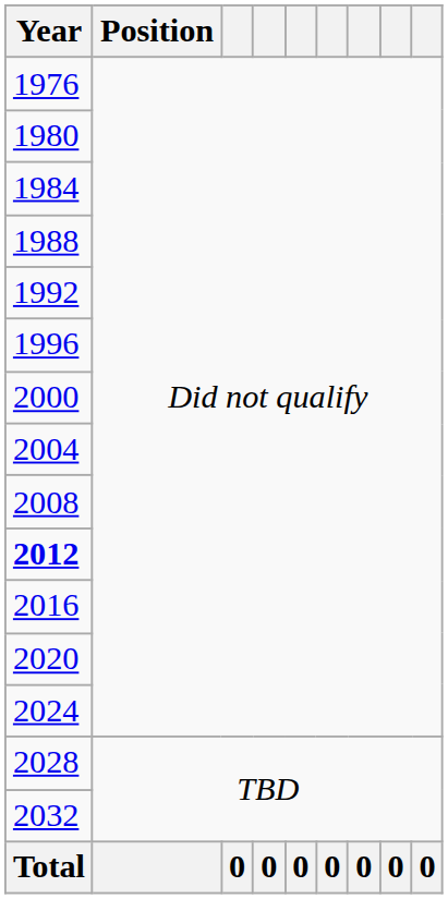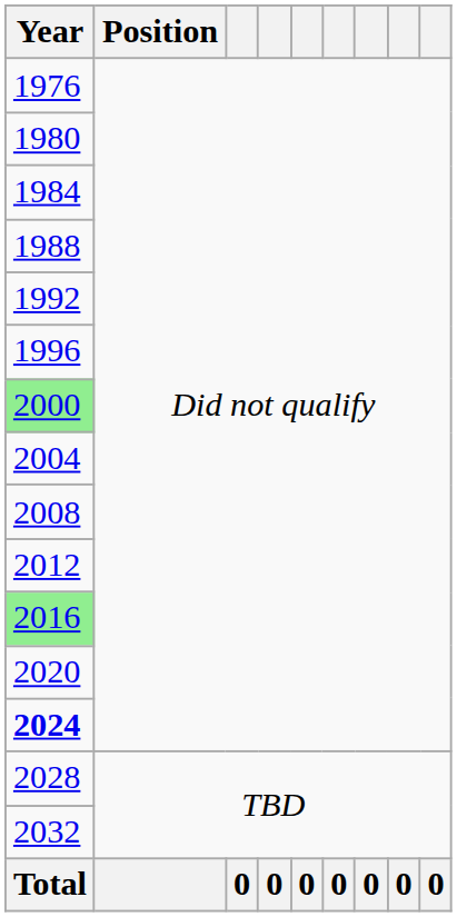 <table class="wikitable" style="text-align:center;">
 <tr>
 <th>Year</th>
 <th>Position</th>
 <th></th>
 <th></th>
 <th></th>
 <th></th>
 <th></th>
 <th></th>
 <th></th>
 </tr>
 <tr>
 <td align=left> <a href='#'>1976</a></td>
 <td colspan="8" rowspan=13><em>Did not qualify</em></td>
 </tr>
 <tr>
 <td align=left> <a href='#'>1980</a></td>
 </tr>
 <tr>
 <td align=left> <a href='#'>1984</a></td>
 </tr>
 <tr>
 <td align=left> <a href='#'>1988</a></td>
 </tr>
 <tr>
 <td align=left> <a href='#'>1992</a></td>
 </tr>
 <tr>
 <td align=left> <a href='#'>1996</a></td>
 </tr>
 <tr>
-<td align=left> <a href='#'>2000</a></td>
+<td align=left style="background: lightgreen;"> <a href='#'>2000</a></td>
 </tr>
 <tr>
 <td align=left> <a href='#'>2004</a></td>
 </tr>
 <tr>
 <td align=left> <a href='#'>2008</a></td>
 </tr>
 <tr>
-<td align=left><strong> <a href='#'>2012</a></strong></td>
+<td align=left> <a href='#'>2012</a></td>
 </tr>
 <tr>
-<td align=left> <a href='#'>2016</a></td>
+<td align=left style="background: lightgreen;"> <a href='#'>2016</a></td>
 </tr>
 <tr>
 <td align=left> <a href='#'>2020</a></td>
 </tr>
 <tr>
-<td align=left> <a href='#'>2024</a></td>
+<td align=left><strong> <a href='#'>2024</a></strong></td>
 </tr>
 <tr>
 <td align=left> <a href='#'>2028</a></td>
 <td colspan="8" rowspan="2"><em>TBD</em></td>
 </tr>
 <tr>
 <td align=left> <a href='#'>2032</a></td>
 </tr>
 <tr>
 <th>Total</th>
 <th></th>
 <th>0</th>
 <th>0</th>
 <th>0</th>
 <th>0</th>
 <th>0</th>
 <th>0</th>
 <th>0</th>
 </tr>
 </table>
